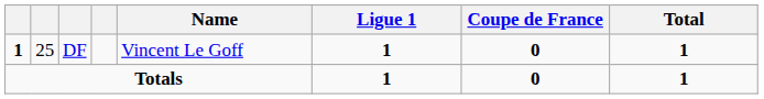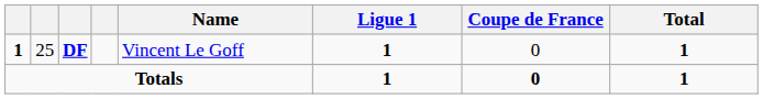 <table class="wikitable" style="text-align:center">
 <tr>
 <th width=15></th>
 <th width=15></th>
 <th width=15></th>
 <th width=15></th>
 <th width=160>Name</th>
 <th width=120><a href='#'>Ligue 1</a></th>
 <th width=120><a href='#'>Coupe de France</a></th>
 <th width=120>Total</th>
 </tr>
 <tr>
 <td><strong>1</strong></td>
 <td>25</td>
-<td><a href='#'>DF</a></td>
+<td><strong><a href='#'>DF</a></strong></td>
 <td></td>
 <td align=left><a href='#'>Vincent Le Goff</a></td>
 <td><strong>1</strong></td>
-<td><strong>0</strong></td>
+<td>0</td>
 <td><strong>1</strong></td>
 </tr>
 <tr>
 <td colspan=5><strong>Totals</strong></td>
 <td><strong>1</strong></td>
 <td><strong>0</strong></td>
 <td><strong>1</strong></td>
 </tr>
 </table>
